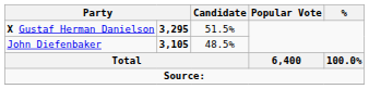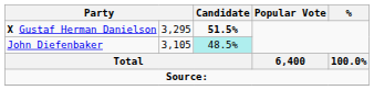 <table class="wikitable">
 <tr>
 <th colspan="2">Party</th>
 <th>Candidate</th>
 <th>Popular Vote</th>
 <th>%</th>
 </tr>
 <tr>
 <td> <strong>X</strong> <a href='#'>Gustaf Herman Danielson</a></td>
-<td align=center><strong>3,295</strong></td>
-<td align=center>51.5%</td>
+<td align=center>3,295</td>
+<td align=center><strong>51.5%</strong></td>
 </tr>
 <tr>
 <td><a href='#'>John Diefenbaker</a></td>
-<td align=center><strong>3,105</strong></td>
-<td align=center>48.5%</td>
+<td align=center>3,105</td>
+<td align=center style="background: paleturquoise;">48.5%</td>
 </tr>
 <tr>
 <th colspan=3>Total</th>
 <th>6,400</th>
 <th>100.0%</th>
 </tr>
 <tr>
 <td align="center" colspan=5><strong>Source:</strong> </td>
 </tr>
 <tr>
 </tr>
 </table>
